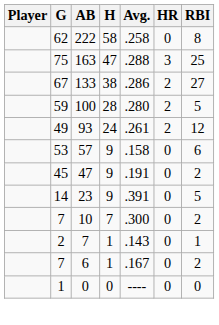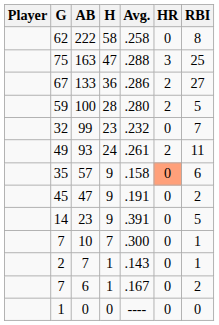 <table class="wikitable sortable" style="text-align:center;">
 <tr>
 <th>Player</th>
 <th>G</th>
 <th>AB</th>
 <th>H</th>
 <th>Avg.</th>
 <th>HR</th>
 <th>RBI</th>
 </tr>
 <tr>
 <td></td>
 <td>62</td>
 <td>222</td>
 <td>58</td>
 <td>.258</td>
 <td>0</td>
 <td>8</td>
 </tr>
 <tr>
 <td></td>
 <td>75</td>
 <td>163</td>
 <td>47</td>
 <td>.288</td>
 <td>3</td>
 <td>25</td>
 </tr>
 <tr>
 <td></td>
 <td>67</td>
 <td>133</td>
-<td>38</td>
+<td>36</td>
 <td>.286</td>
 <td>2</td>
 <td>27</td>
 </tr>
 <tr>
 <td></td>
 <td>59</td>
 <td>100</td>
 <td>28</td>
 <td>.280</td>
 <td>2</td>
 <td>5</td>
 </tr>
 <tr>
 <td></td>
+<td>32</td>
+<td>99</td>
+<td>23</td>
+<td>.232</td>
+<td>0</td>
+<td>7</td>
+</tr>
+<tr>
+<td></td>
 <td>49</td>
 <td>93</td>
 <td>24</td>
 <td>.261</td>
 <td>2</td>
-<td>12</td>
+<td>11</td>
 </tr>
 <tr>
 <td></td>
-<td>53</td>
+<td>35</td>
 <td>57</td>
 <td>9</td>
 <td>.158</td>
-<td>0</td>
+<td style="background: lightsalmon;">0</td>
 <td>6</td>
 </tr>
 <tr>
 <td></td>
 <td>45</td>
 <td>47</td>
 <td>9</td>
 <td>.191</td>
 <td>0</td>
 <td>2</td>
 </tr>
 <tr>
 <td></td>
 <td>14</td>
 <td>23</td>
 <td>9</td>
 <td>.391</td>
 <td>0</td>
 <td>5</td>
 </tr>
 <tr>
 <td></td>
 <td>7</td>
 <td>10</td>
 <td>7</td>
 <td>.300</td>
 <td>0</td>
-<td>2</td>
+<td>1</td>
 </tr>
 <tr>
 <td></td>
 <td>2</td>
 <td>7</td>
 <td>1</td>
 <td>.143</td>
 <td>0</td>
 <td>1</td>
 </tr>
 <tr>
 <td></td>
 <td>7</td>
 <td>6</td>
 <td>1</td>
 <td>.167</td>
 <td>0</td>
 <td>2</td>
 </tr>
 <tr>
 <td></td>
 <td>1</td>
 <td>0</td>
 <td>0</td>
 <td>----</td>
 <td>0</td>
 <td>0</td>
 </tr>
 </table>
